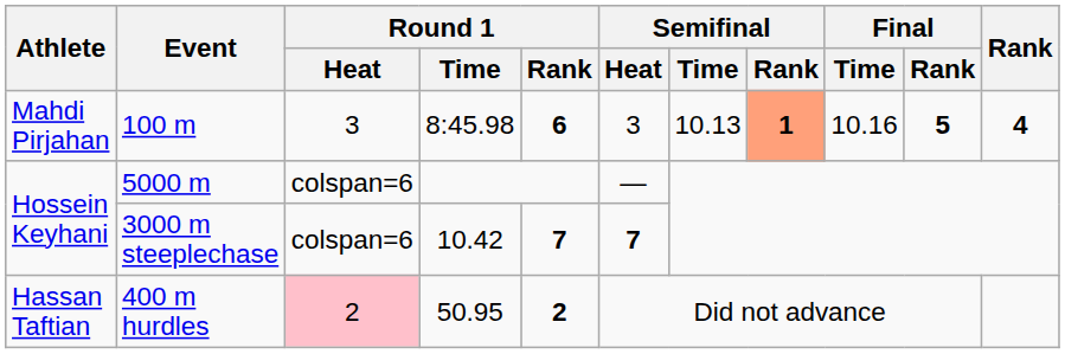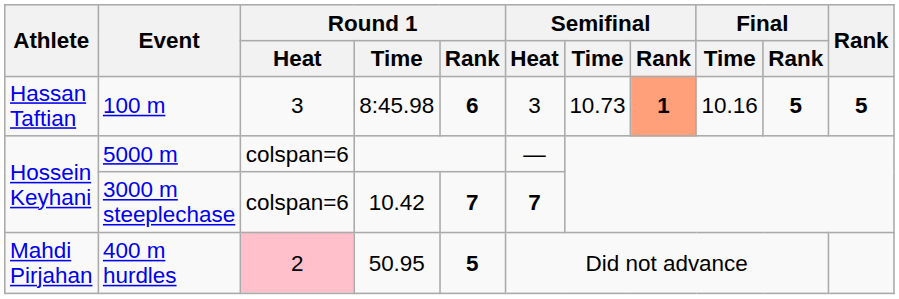 <table class="wikitable" width="90%" style="text-align:center; font-size:90%">
 <tr>
 <th rowspan="2" width="20%">Athlete</th>
 <th rowspan="2" width="15%">Event</th>
 <th colspan="3" width="20%">Round 1</th>
 <th colspan="3" width="20%">Semifinal</th>
 <th colspan="2" width="15%">Final</th>
 <th rowspan="2" width="6%">Rank</th>
 </tr>
 <tr>
 <th width="5%">Heat</th>
 <th width="10%">Time</th>
 <th>Rank</th>
 <th width="5%">Heat</th>
 <th width="10%">Time</th>
 <th>Rank</th>
 <th width="10%">Time</th>
 <th>Rank</th>
 </tr>
 <tr>
-<td align="left"><a href='#'>Mahdi Pirjahan</a></td>
+<td align="left"><a href='#'>Hassan Taftian</a></td>
 <td align="left"><a href='#'>100 m</a></td>
 <td>3</td>
 <td>8:45.98</td>
 <td><strong>6</strong> <strong></strong></td>
 <td>3</td>
-<td>10.13</td>
+<td>10.73</td>
 <td style="background: lightsalmon;"><strong>1</strong> <strong></strong></td>
 <td>10.16</td>
 <td><strong>5</strong></td>
-<td><strong>4</strong></td>
+<td><strong>5</strong></td>
 </tr>
 <tr>
 <td rowspan=2 align="left"><a href='#'>Hossein Keyhani</a></td>
 <td align="left"><a href='#'>5000 m</a></td>
 <td>colspan=6 </td>
 <td colspan=2></td>
 <td>—</td>
 </tr>
 <tr>
 <td align="left"><a href='#'>3000 m steeplechase</a></td>
 <td>colspan=6 </td>
 <td>10.42</td>
 <td><strong>7</strong></td>
 <td><strong>7</strong></td>
 </tr>
 <tr>
-<td align="left"><a href='#'>Hassan Taftian</a></td>
+<td align="left"><a href='#'>Mahdi Pirjahan</a></td>
 <td align="left"><a href='#'>400 m hurdles</a></td>
 <td style="background: pink;">2</td>
 <td>50.95</td>
-<td><strong>2</strong></td>
+<td><strong>5</strong></td>
 <td colspan="5">Did not advance</td>
 <td></td>
 </tr>
 </table>
